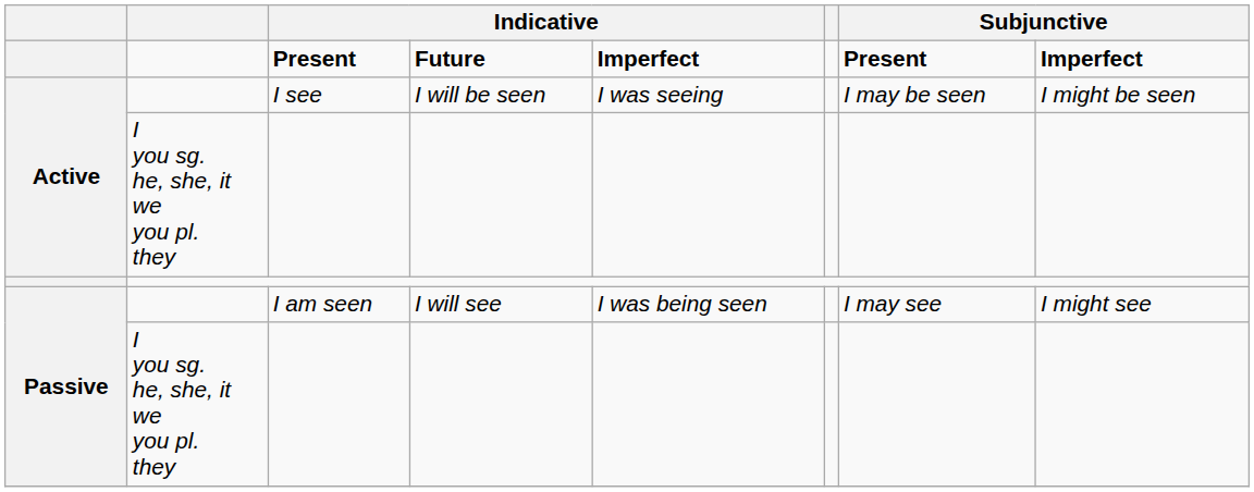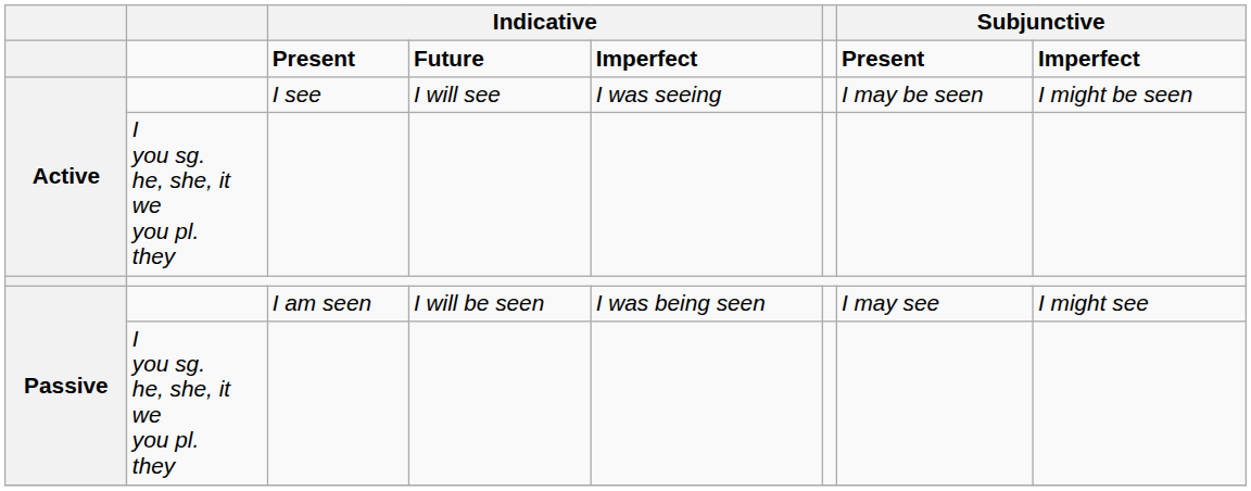 <table class="wikitable" style="width: 55em;">
 <tr>
 <th></th>
 <th></th>
 <th colspan="3">Indicative</th>
 <th></th>
 <th colspan="2">Subjunctive</th>
 </tr>
 <tr>
 <th></th>
 <td></td>
 <td><strong>Present</strong></td>
 <td><strong>Future</strong></td>
 <td><strong>Imperfect</strong></td>
 <td></td>
 <td><strong>Present</strong></td>
 <td><strong>Imperfect</strong></td>
 </tr>
 <tr>
 <th rowspan=2>Active</th>
 <td></td>
 <td><em>I see</em></td>
-<td><em>I will be seen</em></td>
+<td><em>I will see</em></td>
 <td><em>I was seeing</em></td>
 <td></td>
 <td><em>I may be seen</em></td>
 <td><em>I might be seen</em></td>
 </tr>
 <tr>
 <td><em>I<br>you sg.<br>he, she, it<br>we<br>you pl.<br>they</em></td>
 <td><strong></strong></td>
 <td><strong></strong></td>
 <td><strong></strong></td>
 <td></td>
 <td><strong></strong></td>
 <td><strong></strong></td>
 </tr>
 <tr>
 <th></th>
 </tr>
 <tr>
 <th rowspan=2>Passive</th>
 <td></td>
 <td><em>I am seen</em></td>
-<td><em>I will see</em></td>
+<td><em>I will be seen</em></td>
 <td><em>I was being seen</em></td>
 <td></td>
 <td><em>I may see</em></td>
 <td><em>I might see</em></td>
 </tr>
 <tr>
 <td><em>I<br>you sg.<br>he, she, it<br>we<br>you pl.<br>they</em></td>
 <td><strong></strong></td>
 <td><strong></strong></td>
 <td><strong></strong></td>
 <td></td>
 <td><strong></strong></td>
 <td><strong></strong></td>
 </tr>
 <tr>
 </tr>
 </table>
